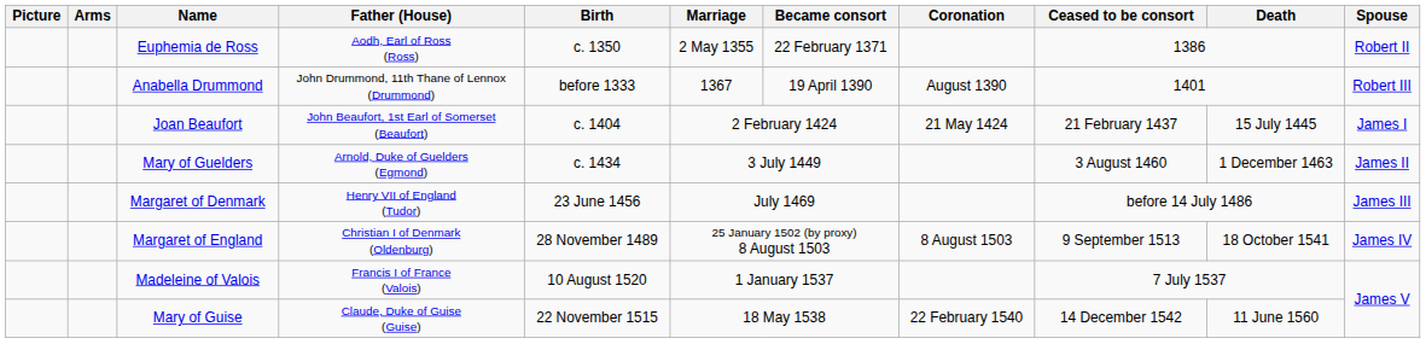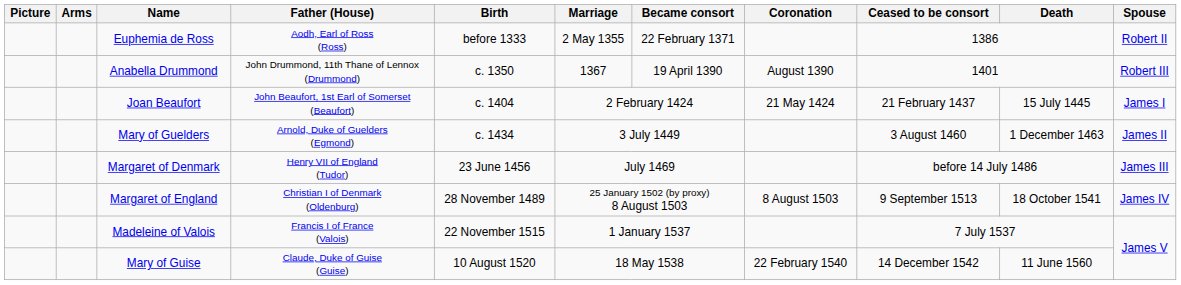 <table width=100% class="wikitable">
 <tr>
 <th>Picture</th>
 <th>Arms</th>
 <th>Name</th>
 <th>Father (House)</th>
 <th>Birth</th>
 <th>Marriage</th>
 <th>Became consort</th>
 <th>Coronation</th>
 <th>Ceased to be consort</th>
 <th>Death</th>
 <th>Spouse</th>
 </tr>
 <tr>
 <td align="center"></td>
 <td align="center"></td>
 <td align="center"><a href='#'>Euphemia de Ross</a></td>
 <td align="center"><small><a href='#'>Aodh, Earl of Ross</a><br>(<a href='#'>Ross</a>)</small></td>
-<td align="center">c. 1350</td>
+<td align="center">before 1333</td>
 <td align="center">2 May 1355</td>
 <td align="center">22 February 1371</td>
 <td align="center"></td>
 <td align="center" colspan="2">1386</td>
 <td align="center"><a href='#'>Robert II</a></td>
 </tr>
 <tr>
 <td align="center"></td>
 <td align="center"></td>
 <td align="center"><a href='#'>Anabella Drummond</a></td>
 <td align="center"><small>John Drummond, 11th Thane of Lennox<br>(<a href='#'>Drummond</a>)</small></td>
-<td align="center">before 1333</td>
+<td align="center">c. 1350</td>
 <td align="center">1367</td>
 <td align="center">19 April 1390</td>
 <td align="center">August 1390</td>
 <td align="center" colspan="2">1401</td>
 <td align="center"><a href='#'>Robert III</a></td>
 </tr>
 <tr>
 <td align="center"></td>
 <td align="center"></td>
 <td align="center"><a href='#'>Joan Beaufort</a></td>
 <td align="center"><small><a href='#'>John Beaufort, 1st Earl of Somerset</a><br>(<a href='#'>Beaufort</a>)</small></td>
 <td align="center">c. 1404</td>
 <td align="center" colspan="2">2 February 1424</td>
 <td align="center">21 May 1424</td>
 <td align="center">21 February 1437</td>
 <td align="center">15 July 1445</td>
 <td align="center"><a href='#'>James I</a></td>
 </tr>
 <tr>
 <td align="center"></td>
 <td align="center"></td>
 <td align="center"><a href='#'>Mary of Guelders</a></td>
 <td align="center"><small><a href='#'>Arnold, Duke of Guelders</a><br>(<a href='#'>Egmond</a>)</small></td>
 <td align="center">c. 1434</td>
 <td align="center" colspan="2">3 July 1449</td>
 <td align="center"></td>
 <td align="center">3 August 1460</td>
 <td align="center">1 December 1463</td>
 <td align="center"><a href='#'>James II</a></td>
 </tr>
 <tr>
 <td align="center"></td>
 <td align="center"></td>
 <td align="center"><a href='#'>Margaret of Denmark</a></td>
 <td align="center"><small><a href='#'>Henry VII of England</a><br>(<a href='#'>Tudor</a>)</small></td>
 <td align="center">23 June 1456</td>
 <td align="center" colspan="2">July 1469</td>
 <td align="center"></td>
 <td align="center" colspan="2">before 14 July 1486</td>
 <td align="center"><a href='#'>James III</a></td>
 </tr>
 <tr>
 <td align="center"></td>
 <td align="center"></td>
 <td align="center"><a href='#'>Margaret of England</a></td>
 <td align="center"><small><a href='#'>Christian I of Denmark</a><br>(<a href='#'>Oldenburg</a>)</small></td>
 <td align="center">28 November 1489</td>
 <td align="center" colspan="2"><small>25 January 1502 (by proxy)</small><br>8 August 1503</td>
 <td align="center">8 August 1503</td>
 <td align="center">9 September 1513</td>
 <td align="center">18 October 1541</td>
 <td align="center"><a href='#'>James IV</a></td>
 </tr>
 <tr>
 <td align="center"></td>
 <td align="center"></td>
 <td align="center"><a href='#'>Madeleine of Valois</a></td>
 <td align="center"><small><a href='#'>Francis I of France</a><br>(<a href='#'>Valois</a>)</small></td>
-<td align="center">10 August 1520</td>
+<td align="center">22 November 1515</td>
 <td align="center" colspan="2">1 January 1537</td>
 <td align="center"></td>
 <td align="center" colspan="2">7 July 1537</td>
 <td align="center" rowspan="2"><a href='#'>James V</a></td>
 </tr>
 <tr>
 <td align="center"></td>
 <td align="center"></td>
 <td align="center"><a href='#'>Mary of Guise</a></td>
 <td align="center"><small><a href='#'>Claude, Duke of Guise</a><br>(<a href='#'>Guise</a>)</small></td>
-<td align="center">22 November 1515</td>
+<td align="center">10 August 1520</td>
 <td align="center" colspan="2">18 May 1538</td>
 <td align="center">22 February 1540</td>
 <td align="center">14 December 1542</td>
 <td align="center">11 June 1560</td>
 </tr>
 </table>
